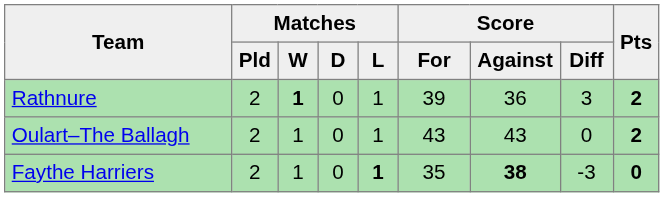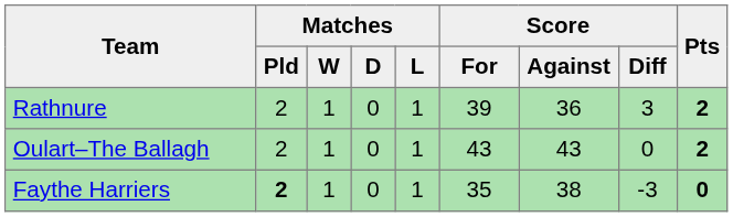 <table style=border-collapse:collapse border=1 cellspacing=0 cellpadding=5>
 <tr align=center bgcolor=#efefef>
 <th rowspan=2 width=165>Team</th>
 <th colspan=4>Matches</th>
 <th colspan=3>Score</th>
 <th rowspan=2width=20>Pts</th>
 </tr>
 <tr align=center bgcolor=#efefef>
 <th width=20>Pld</th>
 <th width=20>W</th>
 <th width=20>D</th>
 <th width=20>L</th>
 <th width=45>For</th>
 <th width=45>Against</th>
 <th width=30>Diff</th>
 </tr>
 <tr align=center  style="background:#ACE1AF;">
 <td style="text-align:left;"><a href='#'>Rathnure</a></td>
 <td>2</td>
-<td><strong>1</strong></td>
+<td>1</td>
 <td>0</td>
 <td>1</td>
 <td>39</td>
 <td>36</td>
 <td>3</td>
 <td><strong>2</strong></td>
 </tr>
 <tr align=center  style="background:#ACE1AF;">
 <td style="text-align:left;"><a href='#'>Oulart–The Ballagh</a></td>
 <td>2</td>
 <td>1</td>
 <td>0</td>
 <td>1</td>
 <td>43</td>
 <td>43</td>
 <td>0</td>
 <td><strong>2</strong></td>
 </tr>
 <tr align=center  style="background:#ACE1AF;">
 <td style="text-align:left;"><a href='#'>Faythe Harriers</a></td>
-<td>2</td>
+<td><strong>2</strong></td>
 <td>1</td>
 <td>0</td>
-<td><strong>1</strong></td>
+<td>1</td>
 <td>35</td>
-<td><strong>38</strong></td>
+<td>38</td>
 <td>-3</td>
 <td><strong>0</strong></td>
 </tr>
 </table>
